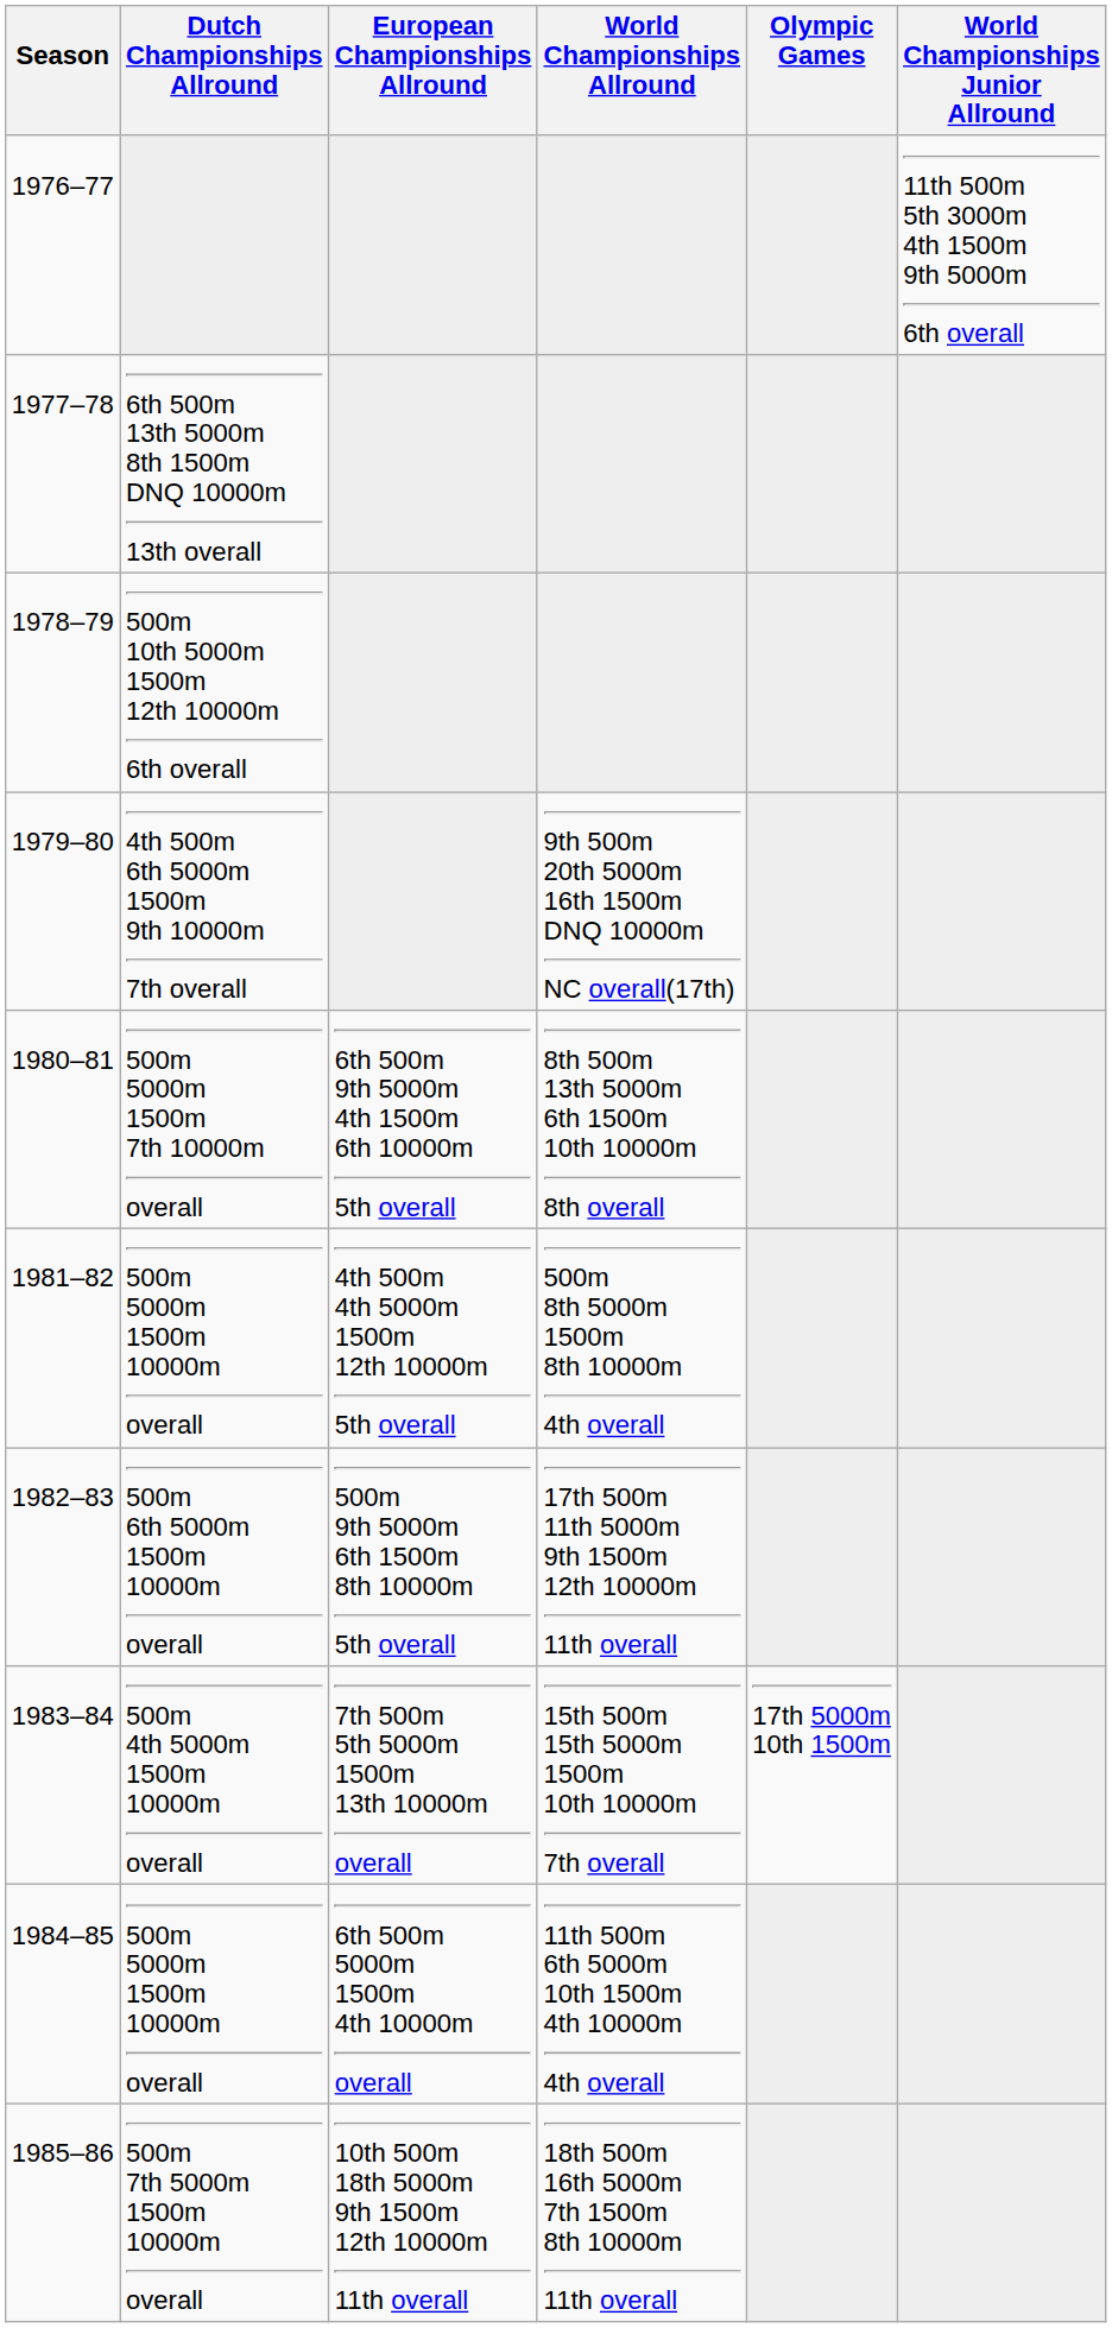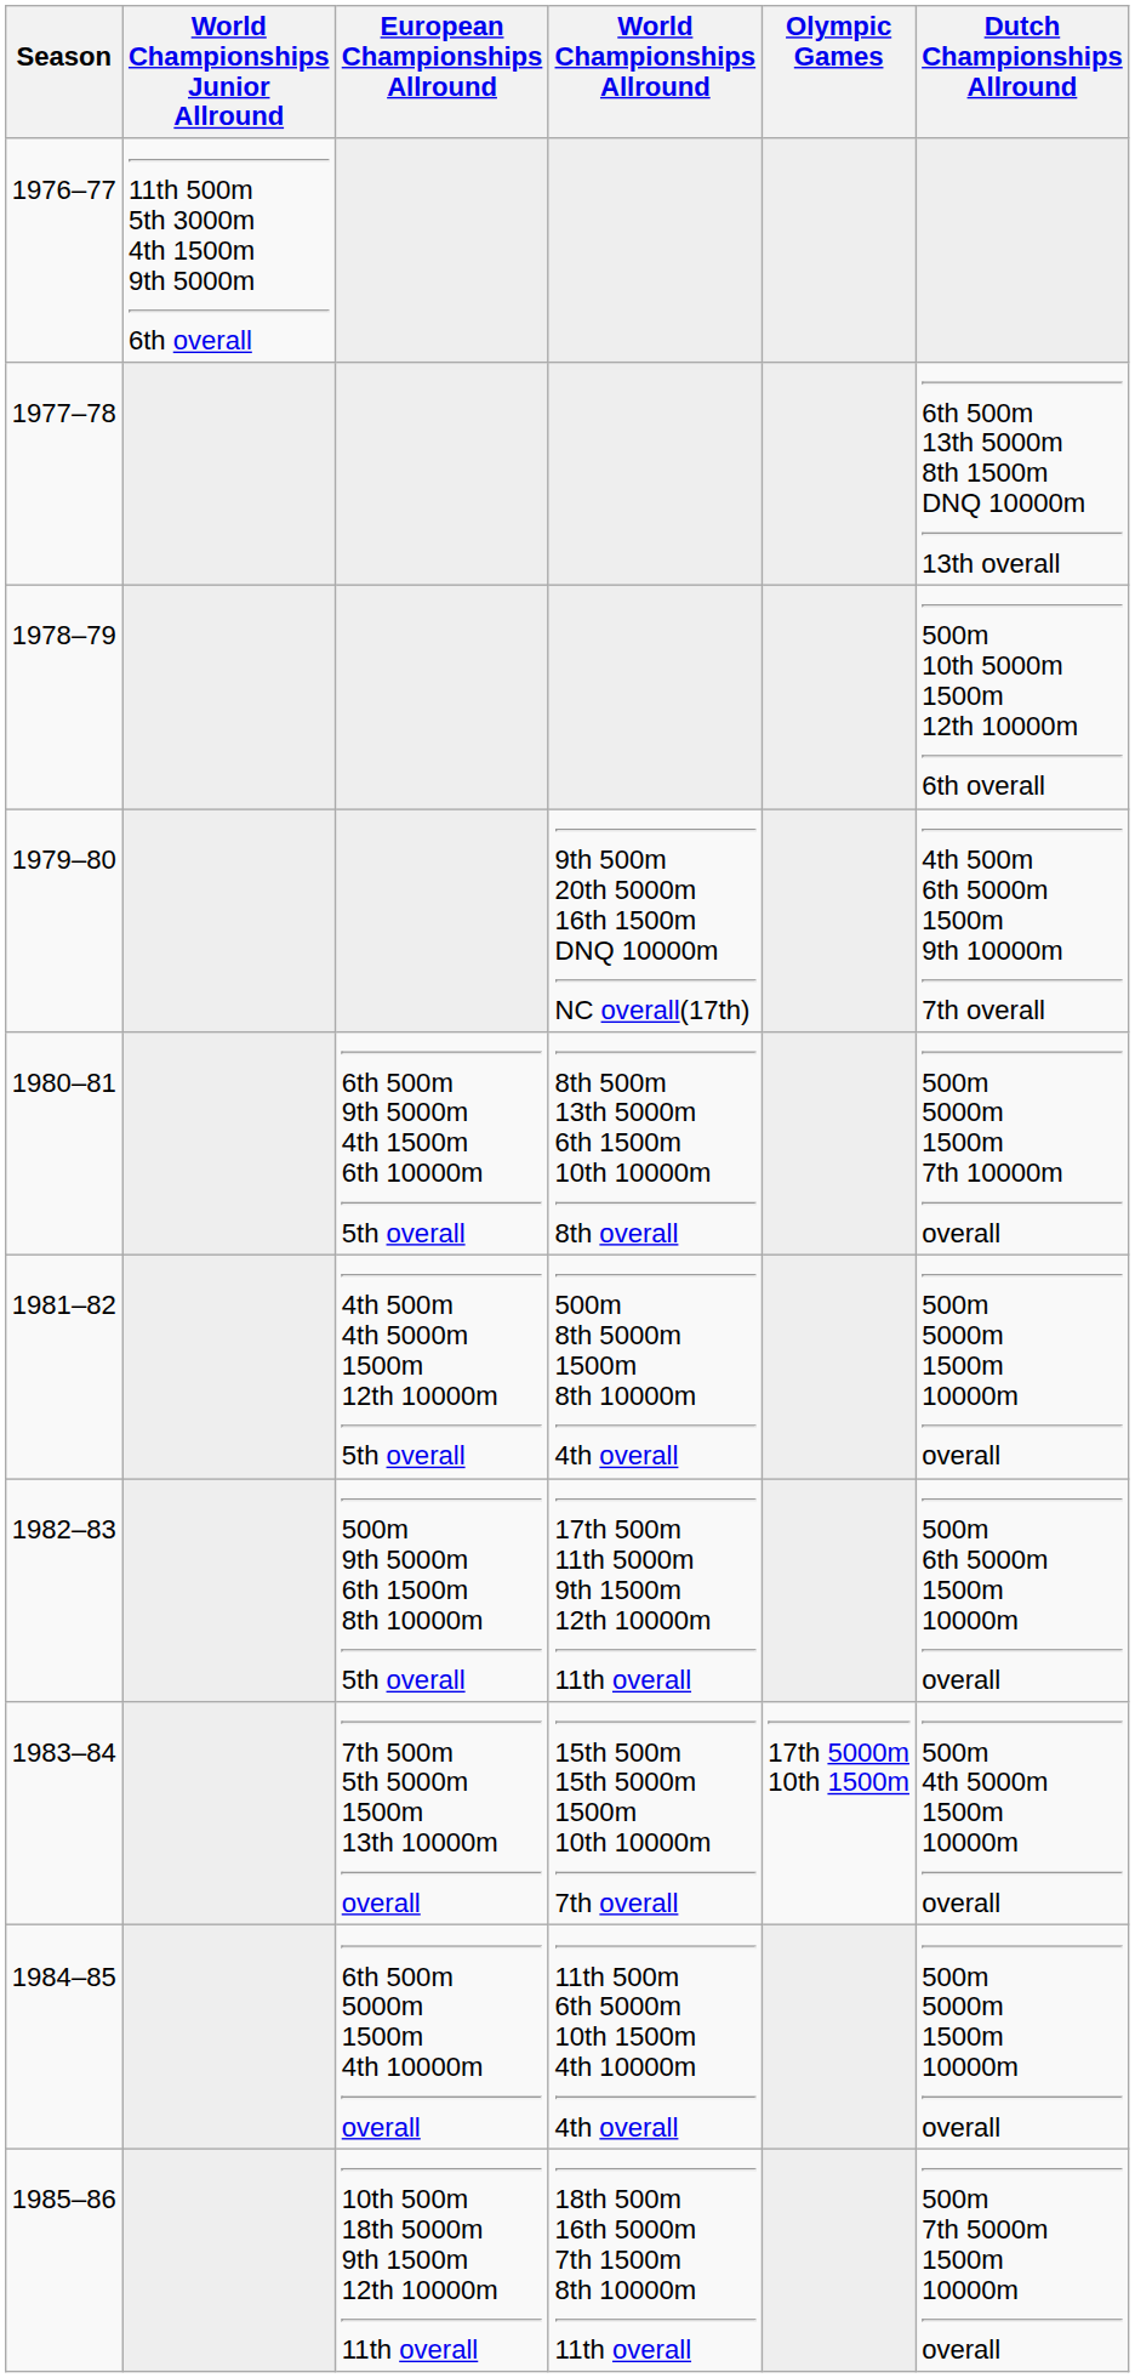 <table class="wikitable">
 <tr style="vertical-align: top;">
 <th><br> Season</th>
-<th><a href='#'>Dutch <br> Championships <br> Allround</a></th>
+<th><a href='#'>World <br> Championships <br> Junior <br> Allround</a></th>
 <th><a href='#'>European <br> Championships <br> Allround</a></th>
 <th><a href='#'>World <br> Championships <br> Allround</a></th>
 <th><a href='#'>Olympic <br> Games</a></th>
-<th><a href='#'>World <br> Championships <br> Junior <br> Allround</a></th>
+<th><a href='#'>Dutch <br> Championships <br> Allround</a></th>
 </tr>
 <tr style="vertical-align: top;">
 <td><br> 1976–77</td>
-<td bgcolor=#EEEEEE></td>
-<td bgcolor=#EEEEEE></td>
-<td bgcolor=#EEEEEE></td>
-<td bgcolor=#EEEEEE></td>
 <td> <hr> 11th 500m <br> 5th 3000m <br> 4th 1500m <br> 9th 5000m <hr> 6th <a href='#'>overall</a></td>
-</tr>
-<tr style="vertical-align: top;">
-<td><br> 1977–78</td>
-<td> <hr> 6th 500m <br> 13th 5000m <br> 8th 1500m <br> DNQ 10000m <hr> 13th overall</td>
 <td bgcolor=#EEEEEE></td>
 <td bgcolor=#EEEEEE></td>
 <td bgcolor=#EEEEEE></td>
 <td bgcolor=#EEEEEE></td>
 </tr>
 <tr style="vertical-align: top;">
-<td><br> 1978–79</td>
-<td> <hr>  500m <br> 10th 5000m <br>  1500m <br> 12th 10000m <hr> 6th overall</td>
+<td><br> 1977–78</td>
 <td bgcolor=#EEEEEE></td>
 <td bgcolor=#EEEEEE></td>
 <td bgcolor=#EEEEEE></td>
 <td bgcolor=#EEEEEE></td>
+<td> <hr> 6th 500m <br> 13th 5000m <br> 8th 1500m <br> DNQ 10000m <hr> 13th overall</td>
+</tr>
+<tr style="vertical-align: top;">
+<td><br> 1978–79</td>
+<td bgcolor=#EEEEEE></td>
+<td bgcolor=#EEEEEE></td>
+<td bgcolor=#EEEEEE></td>
+<td bgcolor=#EEEEEE></td>
+<td> <hr>  500m <br> 10th 5000m <br>  1500m <br> 12th 10000m <hr> 6th overall</td>
 </tr>
 <tr style="vertical-align: top;">
 <td><br> 1979–80</td>
-<td> <hr> 4th 500m <br> 6th 5000m <br>  1500m <br> 9th 10000m <hr> 7th overall</td>
+<td bgcolor=#EEEEEE></td>
 <td bgcolor=#EEEEEE></td>
 <td> <hr> 9th 500m <br> 20th 5000m <br> 16th 1500m <br> DNQ 10000m <hr> NC <a href='#'>overall</a>(17th)</td>
 <td bgcolor=#EEEEEE></td>
-<td bgcolor=#EEEEEE></td>
+<td> <hr> 4th 500m <br> 6th 5000m <br>  1500m <br> 9th 10000m <hr> 7th overall</td>
 </tr>
 <tr style="vertical-align: top;">
 <td><br> 1980–81</td>
-<td> <hr>  500m <br>  5000m <br>  1500m <br> 7th 10000m <hr>  overall</td>
+<td bgcolor=#EEEEEE></td>
 <td> <hr> 6th 500m <br> 9th 5000m <br> 4th 1500m <br> 6th 10000m <hr> 5th <a href='#'>overall</a></td>
 <td> <hr> 8th 500m <br> 13th 5000m <br> 6th 1500m <br> 10th 10000m <hr> 8th <a href='#'>overall</a></td>
 <td bgcolor=#EEEEEE></td>
-<td bgcolor=#EEEEEE></td>
+<td> <hr>  500m <br>  5000m <br>  1500m <br> 7th 10000m <hr>  overall</td>
 </tr>
 <tr style="vertical-align: top;">
 <td><br> 1981–82</td>
-<td> <hr>  500m <br>  5000m <br>  1500m <br>  10000m <hr>  overall</td>
+<td bgcolor=#EEEEEE></td>
 <td> <hr> 4th 500m <br> 4th 5000m <br>  1500m <br> 12th 10000m <hr> 5th <a href='#'>overall</a></td>
 <td> <hr>  500m <br> 8th 5000m <br>  1500m <br> 8th 10000m <hr> 4th <a href='#'>overall</a></td>
 <td bgcolor=#EEEEEE></td>
-<td bgcolor=#EEEEEE></td>
+<td> <hr>  500m <br>  5000m <br>  1500m <br>  10000m <hr>  overall</td>
 </tr>
 <tr style="vertical-align: top;">
 <td><br> 1982–83</td>
-<td> <hr>  500m <br> 6th 5000m <br>  1500m <br>  10000m <hr>  overall</td>
+<td bgcolor=#EEEEEE></td>
 <td> <hr>  500m <br> 9th 5000m <br> 6th 1500m <br> 8th 10000m <hr> 5th <a href='#'>overall</a></td>
 <td> <hr> 17th 500m <br> 11th 5000m <br> 9th 1500m <br> 12th 10000m <hr> 11th <a href='#'>overall</a></td>
 <td bgcolor=#EEEEEE></td>
-<td bgcolor=#EEEEEE></td>
+<td> <hr>  500m <br> 6th 5000m <br>  1500m <br>  10000m <hr>  overall</td>
 </tr>
 <tr style="vertical-align: top;">
 <td><br> 1983–84</td>
-<td> <hr>  500m <br> 4th 5000m <br>  1500m <br>  10000m <hr>  overall</td>
+<td bgcolor=#EEEEEE></td>
 <td> <hr> 7th 500m <br> 5th 5000m <br>  1500m <br> 13th 10000m <hr>  <a href='#'>overall</a></td>
 <td> <hr> 15th 500m <br> 15th 5000m <br>  1500m <br> 10th 10000m <hr> 7th <a href='#'>overall</a></td>
 <td> <hr> 17th <a href='#'>5000m</a> <br> 10th <a href='#'>1500m</a></td>
-<td bgcolor=#EEEEEE></td>
+<td> <hr>  500m <br> 4th 5000m <br>  1500m <br>  10000m <hr>  overall</td>
 </tr>
 <tr style="vertical-align: top;">
 <td><br> 1984–85</td>
-<td> <hr>  500m <br>  5000m <br>  1500m <br>  10000m <hr>  overall</td>
+<td bgcolor=#EEEEEE></td>
 <td> <hr> 6th 500m <br>  5000m <br>  1500m <br> 4th 10000m <hr>  <a href='#'>overall</a></td>
 <td> <hr> 11th 500m <br> 6th 5000m <br> 10th 1500m <br> 4th 10000m <hr> 4th <a href='#'>overall</a></td>
 <td bgcolor=#EEEEEE></td>
-<td bgcolor=#EEEEEE></td>
+<td> <hr>  500m <br>  5000m <br>  1500m <br>  10000m <hr>  overall</td>
 </tr>
 <tr style="vertical-align: top;">
 <td><br> 1985–86</td>
-<td> <hr>  500m <br> 7th 5000m <br>  1500m <br>  10000m <hr>  overall</td>
+<td bgcolor=#EEEEEE></td>
 <td> <hr> 10th 500m <br> 18th 5000m <br> 9th 1500m <br> 12th 10000m <hr> 11th <a href='#'>overall</a></td>
 <td> <hr> 18th 500m <br> 16th 5000m <br> 7th 1500m <br> 8th 10000m <hr> 11th <a href='#'>overall</a></td>
 <td bgcolor=#EEEEEE></td>
-<td bgcolor=#EEEEEE></td>
+<td> <hr>  500m <br> 7th 5000m <br>  1500m <br>  10000m <hr>  overall</td>
 </tr>
 </table>
